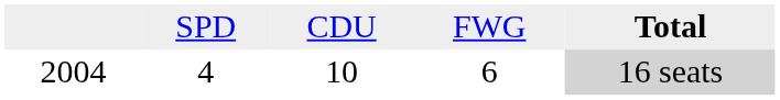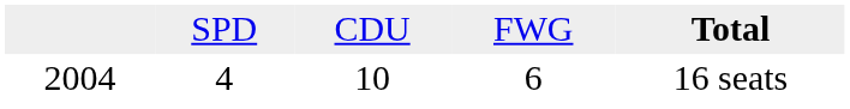 <table border="0" cellpadding="2" cellspacing="0" width="60%">
 <tr bgcolor="#eeeeee" align="center">
 <td></td>
 <td><a href='#'>SPD</a></td>
 <td><a href='#'>CDU</a></td>
 <td><a href='#'>FWG</a></td>
 <td><strong>Total</strong></td>
 </tr>
 <tr align="center">
 <td>2004</td>
 <td>4</td>
 <td>10</td>
 <td>6</td>
-<td style="background: lightgrey;">16 seats</td>
+<td>16 seats</td>
 </tr>
 </table>
